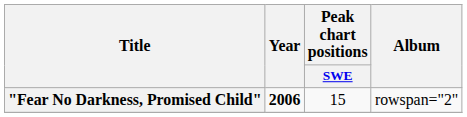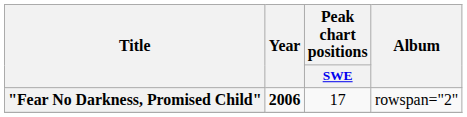 <table class="wikitable plainrowheaders" style="text-align:center;">
 <tr>
 <th scope="col" rowspan="2">Title</th>
 <th scope="col" rowspan="2">Year</th>
 <th scope="col" colspan="1">Peak chart positions</th>
 <th scope="col" rowspan="2">Album</th>
 </tr>
 <tr>
 <th scope="col" style="width:3em;font-size:85%;"><a href='#'>SWE</a></th>
 </tr>
 <tr>
 <th scope="row">"Fear No Darkness, Promised Child"</th>
 <td><strong>2006</strong></td>
-<td>15</td>
+<td>17</td>
 <td>rowspan="2" </td>
 </tr>
 <tr>
 </tr>
 </table>
